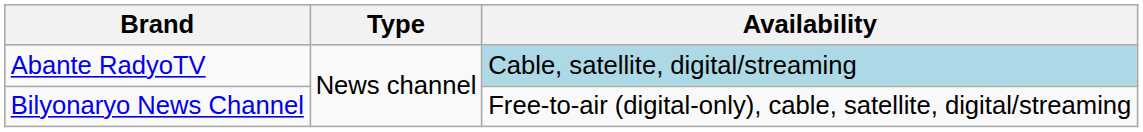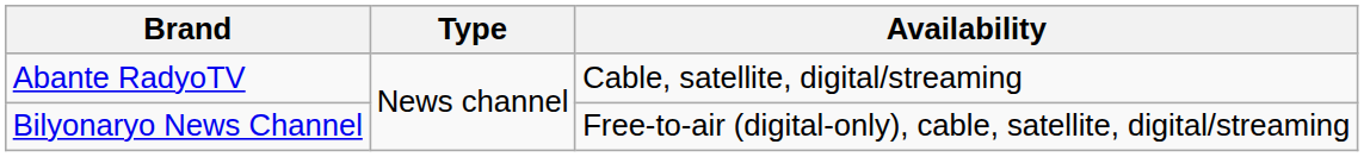 <table class="wikitable">
 <tr>
 <th>Brand</th>
 <th>Type</th>
 <th>Availability</th>
 </tr>
 <tr>
 <td><a href='#'>Abante RadyoTV</a></td>
 <td rowspan="2">News channel</td>
-<td style="background: lightblue;">Cable, satellite, digital/streaming</td>
+<td>Cable, satellite, digital/streaming</td>
 </tr>
 <tr>
 <td><a href='#'>Bilyonaryo News Channel</a></td>
 <td>Free-to-air (digital-only), cable, satellite, digital/streaming</td>
 </tr>
 </table>
